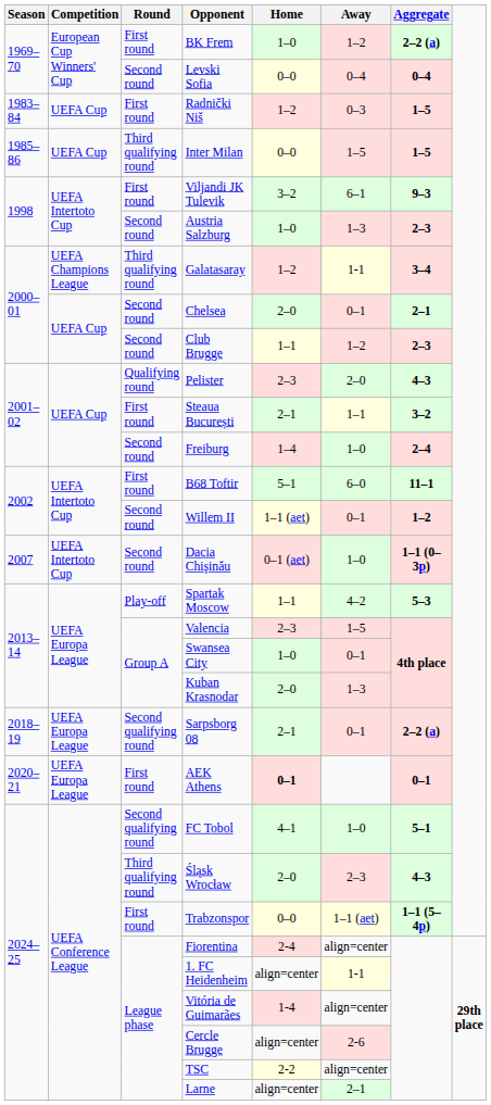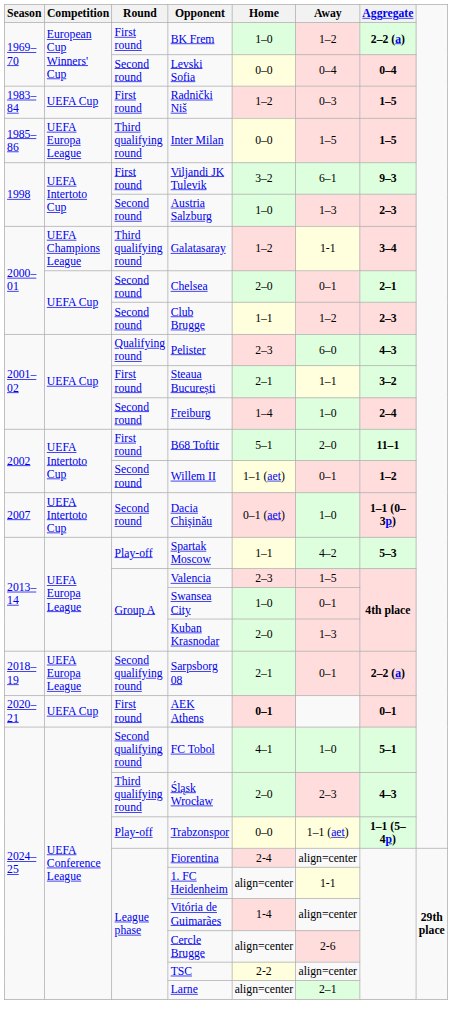 <table class="wikitable">
 <tr>
 <th>Season</th>
 <th>Competition</th>
 <th>Round</th>
 <th>Opponent</th>
 <th>Home</th>
 <th>Away</th>
 <th><a href='#'>Aggregate</a></th>
 </tr>
 <tr>
 <td rowspan="2"><a href='#'>1969–70</a></td>
 <td rowspan="2"><a href='#'>European Cup Winners' Cup</a></td>
 <td><a href='#'>First round</a></td>
 <td> <a href='#'>BK Frem</a></td>
 <td style="text-align:center; background:#dfd;">1–0</td>
 <td style="text-align:center; background:#fdd;">1–2</td>
 <td style="text-align:center; background:#dfd;"><strong>2–2 (<a href='#'>a</a>)</strong></td>
 </tr>
 <tr>
 <td><a href='#'>Second round</a></td>
 <td> <a href='#'>Levski Sofia</a></td>
 <td style="text-align:center; background:#ffd;">0–0</td>
 <td style="text-align:center; background:#fdd;">0–4</td>
 <td style="text-align:center; background:#fdd;"><strong>0–4</strong></td>
 </tr>
 <tr>
 <td><a href='#'>1983–84</a></td>
 <td><a href='#'>UEFA Cup</a></td>
 <td><a href='#'>First round</a></td>
 <td> <a href='#'>Radnički Niš</a></td>
 <td style="text-align:center; background:#fdd;">1–2</td>
 <td style="text-align:center; background:#fdd;">0–3</td>
 <td style="text-align:center; background:#fdd;"><strong>1–5</strong></td>
 </tr>
 <tr>
 <td><a href='#'>1985–86</a></td>
-<td><a href='#'>UEFA Cup</a></td>
+<td><a href='#'>UEFA Europa League</a></td>
 <td><a href='#'>Third qualifying round</a></td>
 <td> <a href='#'>Inter Milan</a></td>
 <td style="text-align:center; background:#ffd;">0–0</td>
 <td style="text-align:center; background:#fdd;">1–5</td>
 <td style="text-align:center; background:#fdd;"><strong>1–5</strong></td>
 </tr>
 <tr>
 <td rowspan="2"><a href='#'>1998</a></td>
 <td rowspan="2"><a href='#'>UEFA Intertoto Cup</a></td>
 <td><a href='#'>First round</a></td>
 <td> <a href='#'>Viljandi JK Tulevik</a></td>
 <td style="text-align:center; background:#dfd;">3–2</td>
 <td style="text-align:center; background:#dfd;">6–1</td>
 <td style="text-align:center; background:#dfd;"><strong>9–3</strong></td>
 </tr>
 <tr>
 <td><a href='#'>Second round</a></td>
 <td> <a href='#'>Austria Salzburg</a></td>
 <td style="text-align:center; background:#dfd;">1–0</td>
 <td style="text-align:center; background:#fdd;">1–3</td>
 <td style="text-align:center; background:#fdd;"><strong>2–3</strong></td>
 </tr>
 <tr>
 <td rowspan="3"><a href='#'>2000–01</a></td>
 <td><a href='#'>UEFA Champions League</a></td>
 <td><a href='#'>Third qualifying round</a></td>
 <td> <a href='#'>Galatasaray</a></td>
 <td style="text-align:center; background:#fdd;">1–2</td>
 <td style="text-align:center; background:#ffd;">1-1</td>
 <td style="text-align:center; background:#fdd;"><strong>3–4</strong></td>
 </tr>
 <tr>
 <td rowspan="2"><a href='#'>UEFA Cup</a></td>
 <td><a href='#'>Second round</a></td>
 <td> <a href='#'>Chelsea</a></td>
 <td style="text-align:center; background:#dfd;">2–0</td>
 <td style="text-align:center; background:#fdd;">0–1</td>
 <td style="text-align:center; background:#dfd;"><strong>2–1</strong></td>
 </tr>
 <tr>
 <td><a href='#'>Second round</a></td>
 <td> <a href='#'>Club Brugge</a></td>
 <td style="text-align:center; background:#ffd;">1–1</td>
 <td style="text-align:center; background:#fdd;">1–2</td>
 <td style="text-align:center; background:#fdd;"><strong>2–3</strong></td>
 </tr>
 <tr>
 <td rowspan="3"><a href='#'>2001–02</a></td>
 <td rowspan="3"><a href='#'>UEFA Cup</a></td>
 <td><a href='#'>Qualifying round</a></td>
 <td> <a href='#'>Pelister</a></td>
 <td style="text-align:center; background:#fdd;">2–3</td>
-<td style="text-align:center; background:#dfd;">2–0</td>
+<td style="text-align:center; background:#dfd;">6–0</td>
 <td style="text-align:center; background:#dfd;"><strong>4–3</strong></td>
 </tr>
 <tr>
 <td><a href='#'>First round</a></td>
 <td> <a href='#'>Steaua București</a></td>
 <td style="text-align:center; background:#dfd;">2–1</td>
 <td style="text-align:center; background:#ffd;">1–1</td>
 <td style="text-align:center; background:#dfd;"><strong>3–2</strong></td>
 </tr>
 <tr>
 <td><a href='#'>Second round</a></td>
 <td> <a href='#'>Freiburg</a></td>
 <td style="text-align:center; background:#fdd;">1–4</td>
 <td style="text-align:center; background:#dfd;">1–0</td>
 <td style="text-align:center; background:#fdd;"><strong>2–4</strong></td>
 </tr>
 <tr>
 <td rowspan="2"><a href='#'>2002</a></td>
 <td rowspan="2"><a href='#'>UEFA Intertoto Cup</a></td>
 <td><a href='#'>First round</a></td>
 <td> <a href='#'>B68 Toftir</a></td>
 <td style="text-align:center; background:#dfd;">5–1</td>
-<td style="text-align:center; background:#dfd;">6–0</td>
+<td style="text-align:center; background:#dfd;">2–0</td>
 <td style="text-align:center; background:#dfd;"><strong>11–1</strong></td>
 </tr>
 <tr>
 <td><a href='#'>Second round</a></td>
 <td> <a href='#'>Willem II</a></td>
 <td style="text-align:center; background:#ffd;">1–1 (<a href='#'>aet</a>)</td>
 <td style="text-align:center; background:#fdd;">0–1</td>
 <td style="text-align:center; background:#fdd;"><strong>1–2</strong></td>
 </tr>
 <tr>
 <td><a href='#'>2007</a></td>
 <td><a href='#'>UEFA Intertoto Cup</a></td>
 <td><a href='#'>Second round</a></td>
 <td> <a href='#'>Dacia Chişinău</a></td>
 <td style="text-align:center; background:#fdd;">0–1 (<a href='#'>aet</a>)</td>
 <td style="text-align:center; background:#dfd;">1–0</td>
 <td style="text-align:center; background:#fdd;"><strong>1–1 (0–3<a href='#'>p</a>)</strong></td>
 </tr>
 <tr>
 <td rowspan="4"><a href='#'>2013–14</a></td>
 <td rowspan="4"><a href='#'>UEFA Europa League</a></td>
 <td><a href='#'>Play-off</a></td>
 <td> <a href='#'>Spartak Moscow</a></td>
 <td style="text-align:center; background:#ffd;">1–1</td>
 <td style="text-align:center; background:#dfd;">4–2</td>
 <td style="text-align:center; background:#dfd;"><strong>5–3</strong></td>
 </tr>
 <tr>
 <td rowspan="3"><a href='#'>Group A</a></td>
 <td> <a href='#'>Valencia</a></td>
 <td style="text-align:center; background:#fdd;">2–3</td>
 <td style="text-align:center; background:#fdd;">1–5</td>
 <td rowspan="3" style="text-align:center; background:#fdd;"><strong>4th place</strong></td>
 </tr>
 <tr>
 <td> <a href='#'>Swansea City</a></td>
 <td style="text-align:center; background:#dfd;">1–0</td>
 <td style="text-align:center; background:#fdd;">0–1</td>
 </tr>
 <tr>
 <td> <a href='#'>Kuban Krasnodar</a></td>
 <td style="text-align:center; background:#dfd;">2–0</td>
 <td style="text-align:center; background:#fdd;">1–3</td>
 </tr>
 <tr>
 <td><a href='#'>2018–19</a></td>
 <td><a href='#'>UEFA Europa League</a></td>
 <td><a href='#'>Second qualifying round</a></td>
 <td> <a href='#'>Sarpsborg 08</a></td>
 <td style="text-align:center; background:#dfd;">2–1</td>
 <td style="text-align:center; background:#fdd;">0–1</td>
 <td style="text-align:center; background:#fdd;"><strong>2–2 (<a href='#'>a</a>)</strong></td>
 </tr>
 <tr>
 <td><a href='#'>2020–21</a></td>
-<td><a href='#'>UEFA Europa League</a></td>
+<td><a href='#'>UEFA Cup</a></td>
 <td><a href='#'>First round</a></td>
 <td> <a href='#'>AEK Athens</a></td>
 <td style="text-align:center; background:#fdd;"><strong>0–1</strong></td>
 <td></td>
 <td style="text-align:center; background:#fdd;"><strong>0–1</strong></td>
 </tr>
 <tr>
 <td rowspan="9"><a href='#'>2024–25</a></td>
 <td rowspan="9"><a href='#'>UEFA Conference League</a></td>
 <td><a href='#'>Second qualifying round</a></td>
 <td> <a href='#'>FC Tobol</a></td>
 <td style="text-align:center; background:#dfd;">4–1</td>
 <td style="text-align:center; background:#dfd;">1–0</td>
 <td style="text-align:center; background:#dfd;"><strong>5–1</strong></td>
 </tr>
 <tr>
 <td><a href='#'>Third qualifying round</a></td>
 <td> <a href='#'>Śląsk Wrocław</a></td>
 <td style="text-align:center; background:#dfd;">2–0</td>
 <td style="text-align:center; background:#fdd;">2–3</td>
 <td style="text-align:center; background:#dfd;"><strong>4–3</strong></td>
 </tr>
 <tr>
-<td><a href='#'>First round</a></td>
+<td><a href='#'>Play-off</a></td>
 <td> <a href='#'>Trabzonspor</a></td>
 <td style="text-align:center; background:#ffd;">0–0</td>
 <td style="text-align:center; background:#ffd;">1–1 (<a href='#'>aet</a>)</td>
 <td style="text-align:center; background:#dfd;"><strong>1–1 (5–4<a href='#'>p</a>)</strong></td>
 </tr>
 <tr>
 <td rowspan="6"><a href='#'>League phase</a></td>
 <td> <a href='#'>Fiorentina</a></td>
 <td style="text-align:center; background:#fdd;">2-4</td>
 <td>align=center </td>
 <td rowspan="6" style="text-align:center;"></td>
 <td style="text-align:center" rowspan="6"><strong>29th place</strong></td>
 </tr>
 <tr>
 <td> <a href='#'>1. FC Heidenheim</a></td>
 <td>align=center </td>
 <td style="text-align:center; background:#ffd;">1-1</td>
 </tr>
 <tr>
 <td> <a href='#'>Vitória de Guimarães</a></td>
 <td style="text-align:center; background:#fdd;">1-4</td>
 <td>align=center </td>
 </tr>
 <tr>
 <td> <a href='#'>Cercle Brugge</a></td>
 <td>align=center </td>
 <td style="text-align:center; background:#fdd;">2-6</td>
 </tr>
 <tr>
 <td> <a href='#'>TSC</a></td>
 <td style="text-align:center; background:#ffd;">2-2</td>
 <td>align=center </td>
 </tr>
 <tr>
 <td> <a href='#'>Larne</a></td>
 <td>align=center </td>
 <td style="text-align:center; background:#dfd;">2–1</td>
 </tr>
 </table>
